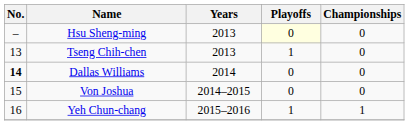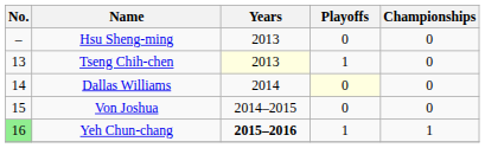 <table class=wikitable style="text-align:center; font-size:95%">
 <tr>
 <th width = "10">No.</th>
 <th width = "200">Name</th>
 <th width = "90">Years</th>
 <th width = "70">Playoffs</th>
 <th width = "70">Championships</th>
 </tr>
 <tr>
 <td>–</td>
 <td><a href='#'>Hsu Sheng-ming</a></td>
 <td>2013</td>
-<td style="background: lightyellow;">0</td>
+<td>0</td>
 <td>0</td>
 </tr>
 <tr>
 <td>13</td>
 <td><a href='#'>Tseng Chih-chen</a></td>
-<td>2013</td>
+<td style="background: lightyellow;">2013</td>
 <td>1</td>
 <td>0</td>
 </tr>
 <tr>
-<td><strong>14</strong></td>
+<td>14</td>
 <td><a href='#'>Dallas Williams</a></td>
 <td>2014</td>
-<td>0</td>
+<td style="background: lightyellow;">0</td>
 <td>0</td>
 </tr>
 <tr>
 <td>15</td>
 <td><a href='#'>Von Joshua</a></td>
 <td>2014–2015</td>
 <td>0</td>
 <td>0</td>
 </tr>
 <tr>
-<td>16</td>
+<td style="background: lightgreen;">16</td>
 <td><a href='#'>Yeh Chun-chang</a></td>
-<td>2015–2016</td>
+<td><strong>2015–2016</strong></td>
 <td>1</td>
 <td>1</td>
 </tr>
 <tr>
 </tr>
 </table>
